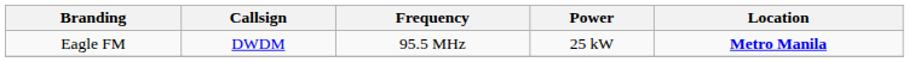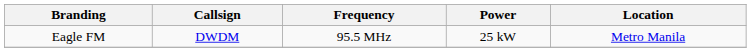 <table class=wikitable style="width:100%; text-align:center;">
 <tr>
 <th>Branding</th>
 <th>Callsign</th>
 <th>Frequency</th>
 <th>Power</th>
 <th>Location</th>
 </tr>
 <tr>
 <td>Eagle FM</td>
 <td><a href='#'>DWDM</a></td>
 <td>95.5 MHz</td>
 <td>25 kW</td>
-<td><strong><a href='#'>Metro Manila</a></strong></td>
+<td><a href='#'>Metro Manila</a></td>
 </tr>
 <tr>
 </tr>
 </table>
